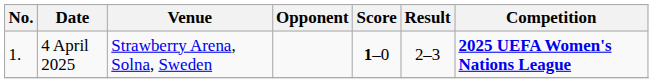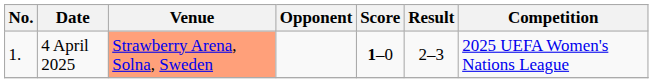 <table class="wikitable">
 <tr>
 <th>No.</th>
 <th>Date</th>
 <th>Venue</th>
 <th>Opponent</th>
 <th>Score</th>
 <th>Result</th>
 <th>Competition</th>
 </tr>
 <tr>
 <td>1.</td>
 <td>4 April 2025</td>
-<td><a href='#'>Strawberry Arena</a>, <a href='#'>Solna</a>, <a href='#'>Sweden</a></td>
+<td style="background: lightsalmon;"><a href='#'>Strawberry Arena</a>, <a href='#'>Solna</a>, <a href='#'>Sweden</a></td>
 <td></td>
 <td align=center><strong>1</strong>–0</td>
 <td align=center>2–3</td>
-<td><strong><a href='#'>2025 UEFA Women's Nations League</a></strong></td>
+<td><a href='#'>2025 UEFA Women's Nations League</a></td>
 </tr>
 <tr>
 </tr>
 </table>
